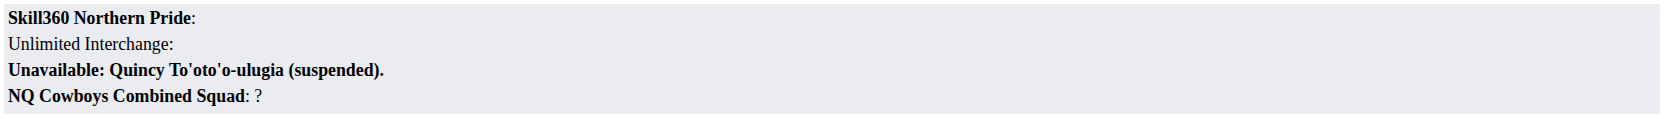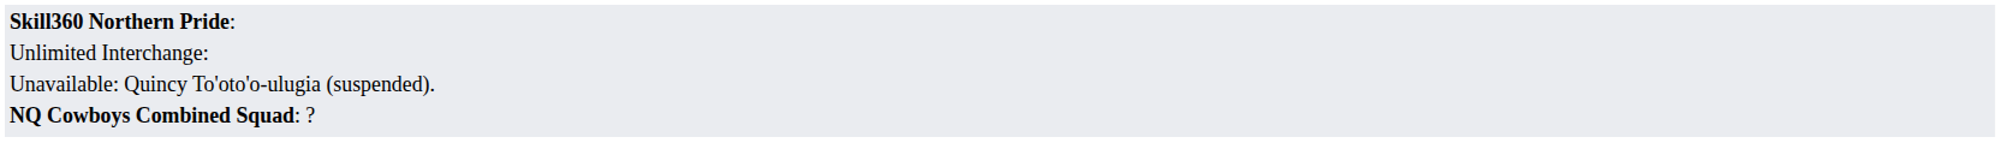 <table style="background:#eaecf0; font-size:85%; width:100%;">
 <tr>
 <td><strong>Skill360 Northern Pride</strong>:             </td>
 </tr>
 <tr>
 <td>Unlimited Interchange:          </td>
 </tr>
 <tr>
-<td><strong>Unavailable: Quincy To'oto'o-ulugia (suspended).</strong></td>
+<td>Unavailable: Quincy To'oto'o-ulugia (suspended).</td>
 </tr>
 <tr>
 <td><strong>NQ Cowboys Combined Squad</strong>: ?</td>
 </tr>
 <tr>
 </tr>
 </table>
